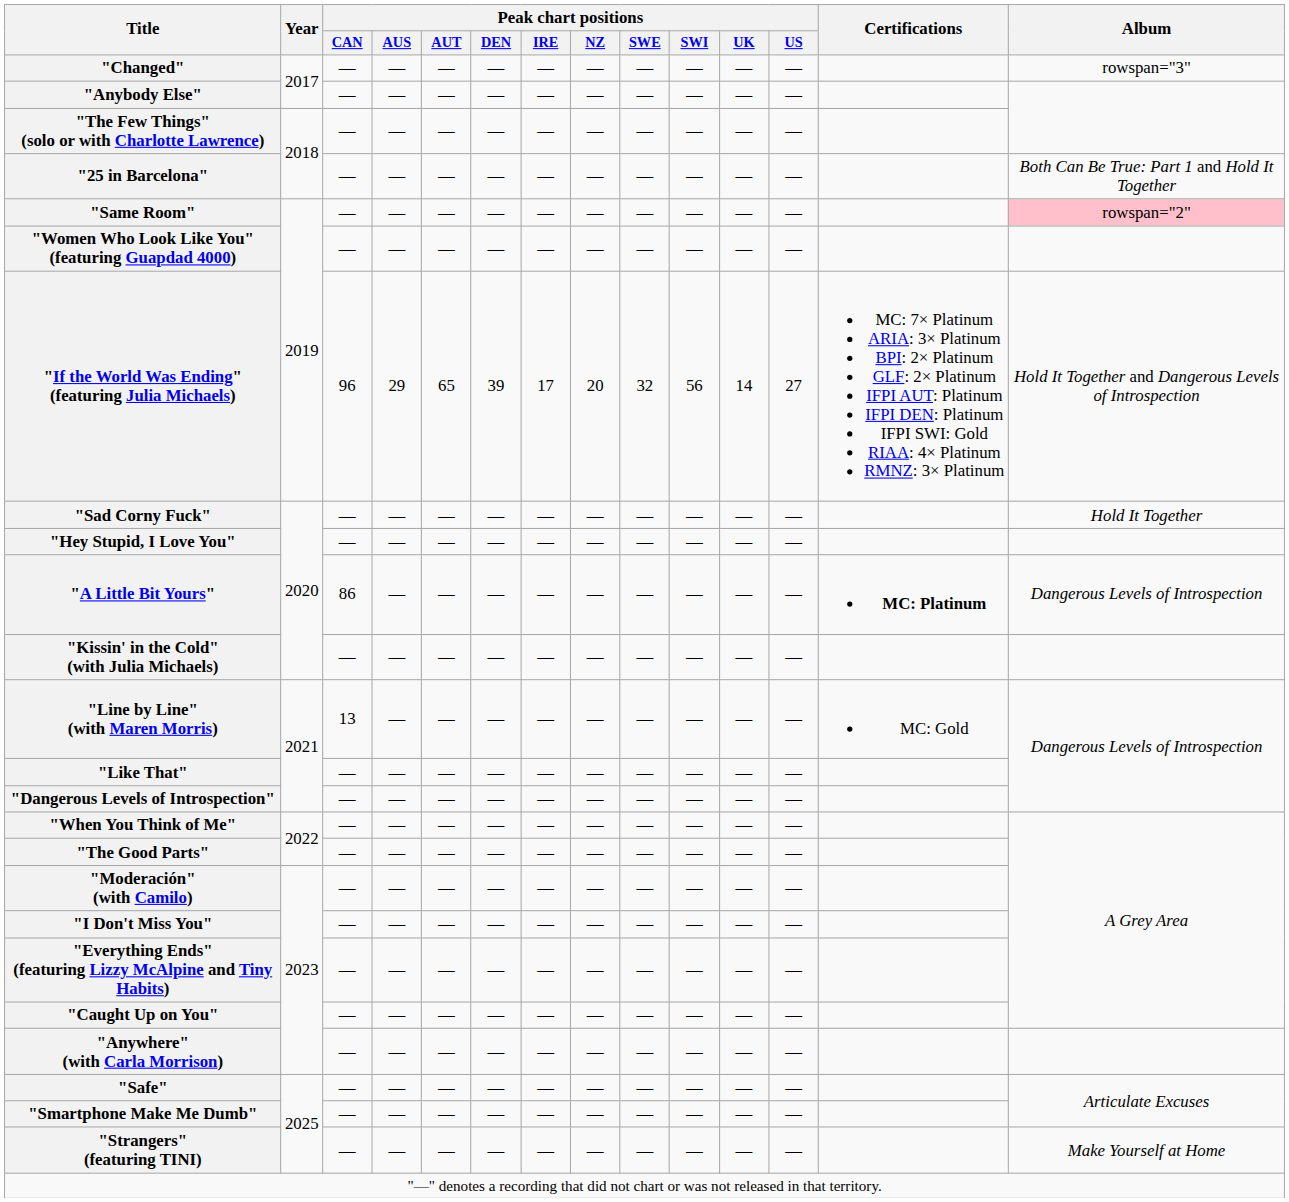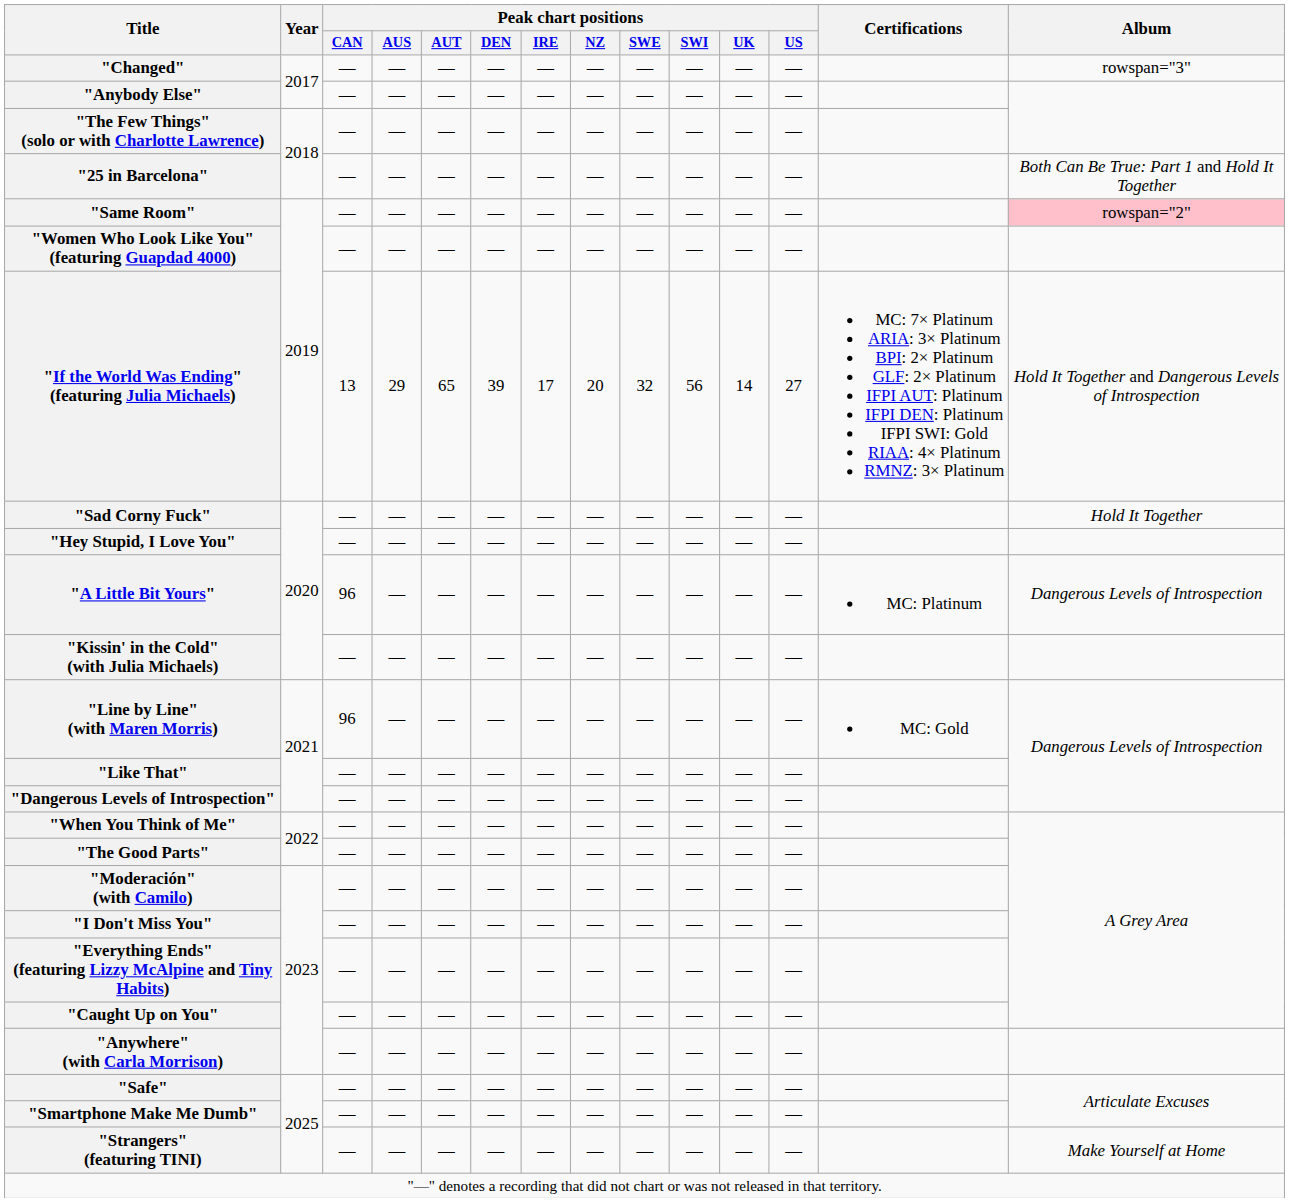 <table class="wikitable plainrowheaders" style="text-align:center;" border="1">
 <tr>
 <th scope="col" rowspan="2" style="width:16em;">Title</th>
 <th scope="col" rowspan="2" style="width:1em;">Year</th>
 <th scope="col" colspan="10">Peak chart positions</th>
 <th scope="col" rowspan="2">Certifications</th>
 <th scope="col" rowspan="2" style="width:16em;">Album</th>
 </tr>
 <tr>
 <th scope="col" style="width:3em;font-size:85%;"><a href='#'>CAN</a><br></th>
 <th scope="col" style="width:3em;font-size:85%;"><a href='#'>AUS</a><br></th>
 <th scope="col" style="width:3em;font-size:85%;"><a href='#'>AUT</a><br></th>
 <th scope="col" style="width:3em;font-size:85%;"><a href='#'>DEN</a><br></th>
 <th scope="col" style="width:3em;font-size:85%;"><a href='#'>IRE</a><br></th>
 <th scope="col" style="width:3em;font-size:85%;"><a href='#'>NZ</a><br></th>
 <th scope="col" style="width:3em;font-size:85%;"><a href='#'>SWE</a><br></th>
 <th scope="col" style="width:3em;font-size:85%;"><a href='#'>SWI</a><br></th>
 <th scope="col" style="width:3em;font-size:85%;"><a href='#'>UK</a><br></th>
 <th scope="col" style="width:3em;font-size:85%;"><a href='#'>US</a><br></th>
 </tr>
 <tr>
 <th scope="row">"Changed"</th>
 <td rowspan="2">2017</td>
 <td>—</td>
 <td>—</td>
 <td>—</td>
 <td>—</td>
 <td>—</td>
 <td>—</td>
 <td>—</td>
 <td>—</td>
 <td>—</td>
 <td>—</td>
 <td></td>
 <td>rowspan="3" </td>
 </tr>
 <tr>
 <th scope="row">"Anybody Else"</th>
 <td>—</td>
 <td>—</td>
 <td>—</td>
 <td>—</td>
 <td>—</td>
 <td>—</td>
 <td>—</td>
 <td>—</td>
 <td>—</td>
 <td>—</td>
 <td></td>
 </tr>
 <tr>
 <th scope="row">"The Few Things"<br><span>(solo or with <a href='#'>Charlotte Lawrence</a>)</span></th>
 <td rowspan="2">2018</td>
 <td>—</td>
 <td>—</td>
 <td>—</td>
 <td>—</td>
 <td>—</td>
 <td>—</td>
 <td>—</td>
 <td>—</td>
 <td>—</td>
 <td>—</td>
 <td></td>
 </tr>
 <tr>
 <th scope="row">"25 in Barcelona"</th>
 <td>—</td>
 <td>—</td>
 <td>—</td>
 <td>—</td>
 <td>—</td>
 <td>—</td>
 <td>—</td>
 <td>—</td>
 <td>—</td>
 <td>—</td>
 <td></td>
 <td><em>Both Can Be True: Part 1</em> and <em>Hold It Together</em></td>
 </tr>
 <tr>
 <th scope="row">"Same Room"</th>
 <td rowspan="3">2019</td>
 <td>—</td>
 <td>—</td>
 <td>—</td>
 <td>—</td>
 <td>—</td>
 <td>—</td>
 <td>—</td>
 <td>—</td>
 <td>—</td>
 <td>—</td>
 <td></td>
 <td style="background: pink;">rowspan="2" </td>
 </tr>
 <tr>
 <th scope="row">"Women Who Look Like You"<br><span>(featuring <a href='#'>Guapdad 4000</a>)</span></th>
 <td>—</td>
 <td>—</td>
 <td>—</td>
 <td>—</td>
 <td>—</td>
 <td>—</td>
 <td>—</td>
 <td>—</td>
 <td>—</td>
 <td>—</td>
 <td></td>
 </tr>
 <tr>
 <th scope="row">"<a href='#'>If the World Was Ending</a>"<br><span>(featuring <a href='#'>Julia Michaels</a>)</span></th>
-<td>96</td>
+<td>13</td>
 <td>29</td>
 <td>65</td>
 <td>39</td>
 <td>17</td>
 <td>20</td>
 <td>32</td>
 <td>56</td>
 <td>14</td>
 <td>27</td>
 <td><br><ul><li>MC: 7× Platinum</li><li><a href='#'>ARIA</a>: 3× Platinum</li><li><a href='#'>BPI</a>: 2× Platinum</li><li><a href='#'>GLF</a>: 2× Platinum</li><li><a href='#'>IFPI AUT</a>: Platinum</li><li><a href='#'>IFPI DEN</a>: Platinum</li><li>IFPI SWI: Gold</li><li><a href='#'>RIAA</a>: 4× Platinum</li><li><a href='#'>RMNZ</a>: 3× Platinum</li></ul></td>
 <td><em>Hold It Together</em> and <em>Dangerous Levels of Introspection</em></td>
 </tr>
 <tr>
 <th scope="row">"Sad Corny Fuck"</th>
 <td rowspan="4">2020</td>
 <td>—</td>
 <td>—</td>
 <td>—</td>
 <td>—</td>
 <td>—</td>
 <td>—</td>
 <td>—</td>
 <td>—</td>
 <td>—</td>
 <td>—</td>
 <td></td>
 <td><em>Hold It Together</em></td>
 </tr>
 <tr>
 <th scope="row">"Hey Stupid, I Love You"</th>
 <td>—</td>
 <td>—</td>
 <td>—</td>
 <td>—</td>
 <td>—</td>
 <td>—</td>
 <td>—</td>
 <td>—</td>
 <td>—</td>
 <td>—</td>
 <td></td>
 <td></td>
 </tr>
 <tr>
 <th scope="row">"<a href='#'>A Little Bit Yours</a>"</th>
-<td>86</td>
+<td>96</td>
 <td>—</td>
 <td>—</td>
 <td>—</td>
 <td>—</td>
 <td>—</td>
 <td>—</td>
 <td>—</td>
 <td>—</td>
 <td>—</td>
-<td><strong><br><ul><li>MC: Platinum</li></ul></strong></td>
+<td><br><ul><li>MC: Platinum</li></ul></td>
 <td><em>Dangerous Levels of Introspection</em></td>
 </tr>
 <tr>
 <th scope="row">"Kissin' in the Cold"<br><span>(with Julia Michaels)</span></th>
 <td>—</td>
 <td>—</td>
 <td>—</td>
 <td>—</td>
 <td>—</td>
 <td>—</td>
 <td>—</td>
 <td>—</td>
 <td>—</td>
 <td>—</td>
 <td></td>
 <td></td>
 </tr>
 <tr>
 <th scope="row">"Line by Line"<br><span>(with <a href='#'>Maren Morris</a>)</span></th>
 <td rowspan="3">2021</td>
-<td>13</td>
+<td>96</td>
 <td>—</td>
 <td>—</td>
 <td>—</td>
 <td>—</td>
 <td>—</td>
 <td>—</td>
 <td>—</td>
 <td>—</td>
 <td>—</td>
 <td><br><ul><li>MC: Gold</li></ul></td>
 <td rowspan="3"><em>Dangerous Levels of Introspection</em></td>
 </tr>
 <tr>
 <th scope="row">"Like That"</th>
 <td>—</td>
 <td>—</td>
 <td>—</td>
 <td>—</td>
 <td>—</td>
 <td>—</td>
 <td>—</td>
 <td>—</td>
 <td>—</td>
 <td>—</td>
 <td></td>
 </tr>
 <tr>
 <th scope="row">"Dangerous Levels of Introspection"</th>
 <td>—</td>
 <td>—</td>
 <td>—</td>
 <td>—</td>
 <td>—</td>
 <td>—</td>
 <td>—</td>
 <td>—</td>
 <td>—</td>
 <td>—</td>
 <td></td>
 </tr>
 <tr>
 <th scope="row">"When You Think of Me"</th>
 <td rowspan="2">2022</td>
 <td>—</td>
 <td>—</td>
 <td>—</td>
 <td>—</td>
 <td>—</td>
 <td>—</td>
 <td>—</td>
 <td>—</td>
 <td>—</td>
 <td>—</td>
 <td></td>
 <td rowspan="6"><em>A Grey Area</em></td>
 </tr>
 <tr>
 <th scope="row">"The Good Parts"</th>
 <td>—</td>
 <td>—</td>
 <td>—</td>
 <td>—</td>
 <td>—</td>
 <td>—</td>
 <td>—</td>
 <td>—</td>
 <td>—</td>
 <td>—</td>
 <td></td>
 </tr>
 <tr>
 <th scope="row">"Moderación"<br><span>(with <a href='#'>Camilo</a>)</span></th>
 <td rowspan="5">2023</td>
 <td>—</td>
 <td>—</td>
 <td>—</td>
 <td>—</td>
 <td>—</td>
 <td>—</td>
 <td>—</td>
 <td>—</td>
 <td>—</td>
 <td>—</td>
 <td></td>
 </tr>
 <tr>
 <th scope="row">"I Don't Miss You"</th>
 <td>—</td>
 <td>—</td>
 <td>—</td>
 <td>—</td>
 <td>—</td>
 <td>—</td>
 <td>—</td>
 <td>—</td>
 <td>—</td>
 <td>—</td>
 <td></td>
 </tr>
 <tr>
 <th scope="row">"Everything Ends" <br><span>(featuring <a href='#'>Lizzy McAlpine</a> and <a href='#'>Tiny Habits</a>)</span></th>
 <td>—</td>
 <td>—</td>
 <td>—</td>
 <td>—</td>
 <td>—</td>
 <td>—</td>
 <td>—</td>
 <td>—</td>
 <td>—</td>
 <td>—</td>
 <td></td>
 </tr>
 <tr>
 <th scope="row">"Caught Up on You"</th>
 <td>—</td>
 <td>—</td>
 <td>—</td>
 <td>—</td>
 <td>—</td>
 <td>—</td>
 <td>—</td>
 <td>—</td>
 <td>—</td>
 <td>—</td>
 <td></td>
 </tr>
 <tr>
 <th scope="row">"Anywhere" <br><span>(with <a href='#'>Carla Morrison</a>)</span></th>
 <td>—</td>
 <td>—</td>
 <td>—</td>
 <td>—</td>
 <td>—</td>
 <td>—</td>
 <td>—</td>
 <td>—</td>
 <td>—</td>
 <td>—</td>
 <td></td>
 <td></td>
 </tr>
 <tr>
 <th scope="row">"Safe"</th>
 <td rowspan="3">2025</td>
 <td>—</td>
 <td>—</td>
 <td>—</td>
 <td>—</td>
 <td>—</td>
 <td>—</td>
 <td>—</td>
 <td>—</td>
 <td>—</td>
 <td>—</td>
 <td></td>
 <td rowspan="2"><em>Articulate Excuses</em></td>
 </tr>
 <tr>
 <th scope="row">"Smartphone Make Me Dumb"</th>
 <td>—</td>
 <td>—</td>
 <td>—</td>
 <td>—</td>
 <td>—</td>
 <td>—</td>
 <td>—</td>
 <td>—</td>
 <td>—</td>
 <td>—</td>
 <td></td>
 </tr>
 <tr>
 <th scope="row">"Strangers"<br><span>(featuring TINI)</span></th>
 <td>—</td>
 <td>—</td>
 <td>—</td>
 <td>—</td>
 <td>—</td>
 <td>—</td>
 <td>—</td>
 <td>—</td>
 <td>—</td>
 <td>—</td>
 <td></td>
 <td><em>Make Yourself at Home</em></td>
 </tr>
 <tr>
 <td colspan="20" style="font-size:90%">"—" denotes a recording that did not chart or was not released in that territory.</td>
 </tr>
 </table>
